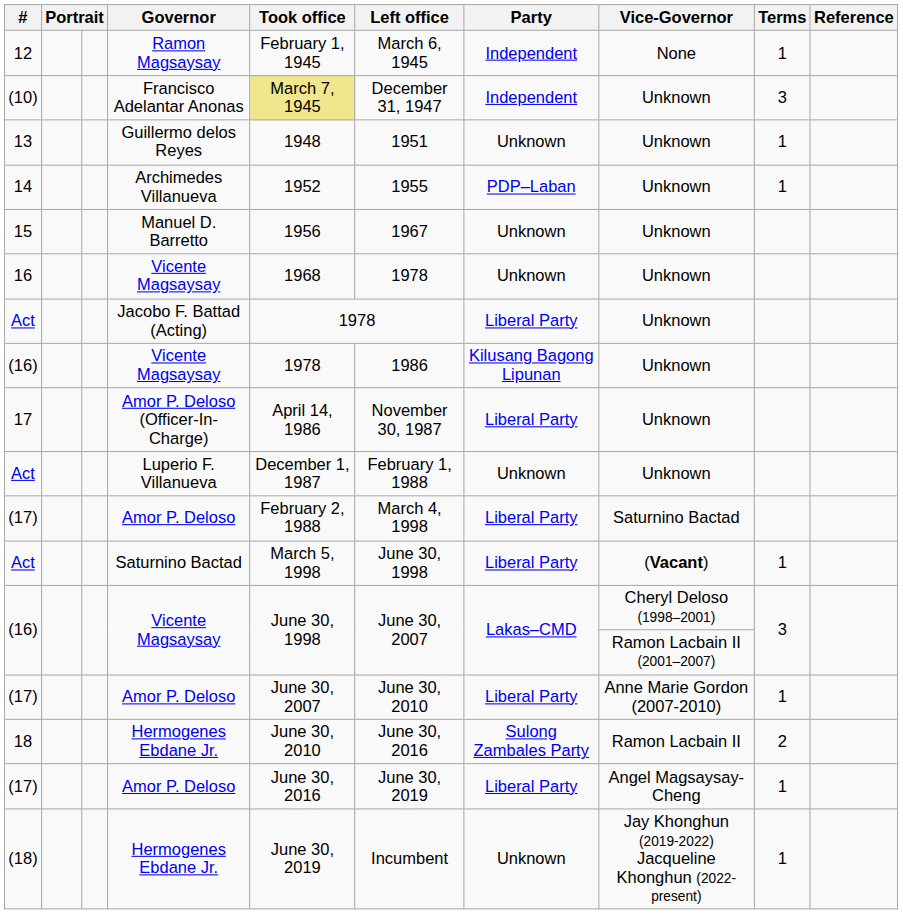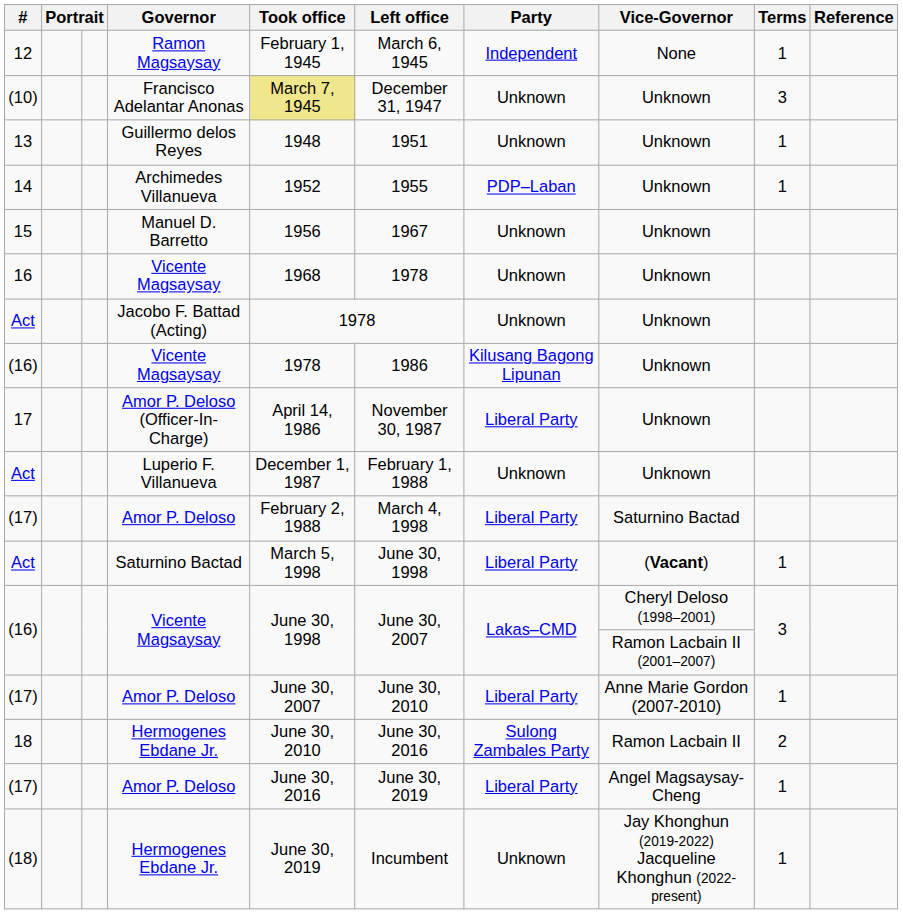 <table class="wikitable" style="text-align:center;">
 <tr>
 <th>#</th>
 <th colspan="2">Portrait</th>
 <th>Governor</th>
 <th>Took office</th>
 <th>Left office</th>
 <th>Party</th>
 <th>Vice-Governor</th>
 <th>Terms</th>
 <th>Reference</th>
 </tr>
 <tr>
 <td>12</td>
 <td style="background: "> </td>
 <td></td>
 <td><a href='#'>Ramon Magsaysay</a></td>
 <td>February 1, 1945</td>
 <td>March 6, 1945</td>
 <td><a href='#'>Independent</a></td>
 <td>None</td>
 <td>1</td>
 <td></td>
 </tr>
 <tr>
 <td>(10)</td>
 <td></td>
 <td></td>
 <td>Francisco Adelantar Anonas</td>
 <td style="background: khaki;">March 7, 1945</td>
 <td>December 31, 1947</td>
-<td><a href='#'>Independent</a></td>
+<td>Unknown</td>
 <td>Unknown</td>
 <td>3</td>
 <td></td>
 </tr>
 <tr>
 <td>13</td>
 <td></td>
 <td></td>
 <td>Guillermo delos Reyes</td>
 <td>1948</td>
 <td>1951</td>
 <td>Unknown</td>
 <td>Unknown</td>
 <td>1</td>
 <td></td>
 </tr>
 <tr>
 <td>14</td>
 <td></td>
 <td></td>
 <td>Archimedes Villanueva</td>
 <td>1952</td>
 <td>1955</td>
 <td><a href='#'>PDP–Laban</a></td>
 <td>Unknown</td>
 <td>1</td>
 <td></td>
 </tr>
 <tr>
 <td>15</td>
 <td></td>
 <td></td>
 <td>Manuel D. Barretto</td>
 <td>1956</td>
 <td>1967</td>
 <td>Unknown</td>
 <td>Unknown</td>
 <td></td>
 <td></td>
 </tr>
 <tr>
 <td>16</td>
 <td></td>
 <td></td>
 <td><a href='#'>Vicente Magsaysay</a></td>
 <td>1968</td>
 <td>1978</td>
 <td>Unknown</td>
 <td>Unknown</td>
 <td></td>
 <td></td>
 </tr>
 <tr>
 <td><a href='#'>Act</a></td>
 <td></td>
 <td></td>
 <td>Jacobo F. Battad<br>(Acting)</td>
 <td colspan="2">1978</td>
-<td><a href='#'>Liberal Party</a></td>
+<td>Unknown</td>
 <td>Unknown</td>
 <td></td>
 <td></td>
 </tr>
 <tr>
 <td>(16)</td>
 <td style="background: "> </td>
 <td></td>
 <td><a href='#'>Vicente Magsaysay</a></td>
 <td>1978</td>
 <td>1986</td>
 <td><a href='#'>Kilusang Bagong Lipunan</a></td>
 <td>Unknown</td>
 <td></td>
 <td></td>
 </tr>
 <tr>
 <td>17</td>
 <td style="background: "> </td>
 <td></td>
 <td><a href='#'>Amor P. Deloso</a><br>(Officer-In-Charge)</td>
 <td>April 14, 1986</td>
 <td>November 30, 1987</td>
 <td><a href='#'>Liberal Party</a></td>
 <td>Unknown</td>
 <td></td>
 <td></td>
 </tr>
 <tr>
 <td><a href='#'>Act</a></td>
 <td></td>
 <td></td>
 <td>Luperio F. Villanueva</td>
 <td>December 1, 1987</td>
 <td>February 1, 1988</td>
 <td>Unknown</td>
 <td>Unknown</td>
 <td></td>
 <td></td>
 </tr>
 <tr>
 <td>(17)</td>
 <td style="background: "> </td>
 <td></td>
 <td><a href='#'>Amor P. Deloso</a></td>
 <td>February 2, 1988</td>
 <td>March 4, 1998</td>
 <td><a href='#'>Liberal Party</a></td>
 <td>Saturnino Bactad</td>
 <td></td>
 <td></td>
 </tr>
 <tr>
 <td><a href='#'>Act</a></td>
 <td style="background: "> </td>
 <td></td>
 <td>Saturnino Bactad</td>
 <td>March 5, 1998</td>
 <td>June 30, 1998</td>
 <td><a href='#'>Liberal Party</a></td>
 <td>(<strong>Vacant</strong>)</td>
 <td>1</td>
 <td></td>
 </tr>
 <tr>
 <td rowspan="2">(16)</td>
 <td rowspan="2" style="background: "> </td>
 <td rowspan="2"></td>
 <td rowspan="2"><a href='#'>Vicente Magsaysay</a></td>
 <td rowspan="2">June 30, 1998</td>
 <td rowspan="2">June 30, 2007</td>
 <td rowspan="2"><a href='#'>Lakas–CMD</a></td>
 <td>Cheryl Deloso<br><small>(1998–2001)</small></td>
 <td rowspan="2">3</td>
 <td rowspan="2"></td>
 </tr>
 <tr>
 <td>Ramon Lacbain II<br><small>(2001–2007)</small></td>
 </tr>
 <tr>
 <td>(17)</td>
 <td style="background: "> </td>
 <td></td>
 <td><a href='#'>Amor P. Deloso</a></td>
 <td>June 30, 2007</td>
 <td>June 30, 2010</td>
 <td><a href='#'>Liberal Party</a></td>
 <td>Anne Marie Gordon (2007-2010)</td>
 <td>1</td>
 <td></td>
 </tr>
 <tr>
 <td>18</td>
 <td style="background: "> </td>
 <td></td>
 <td><a href='#'>Hermogenes Ebdane Jr.</a></td>
 <td>June 30, 2010</td>
 <td>June 30, 2016</td>
 <td><a href='#'>Sulong Zambales Party</a></td>
 <td>Ramon Lacbain II</td>
 <td>2</td>
 <td></td>
 </tr>
 <tr>
 <td>(17)</td>
 <td style="background: "> </td>
 <td></td>
 <td><a href='#'>Amor P. Deloso</a></td>
 <td>June 30, 2016</td>
 <td>June 30, 2019</td>
 <td><a href='#'>Liberal Party</a></td>
 <td>Angel Magsaysay-Cheng</td>
 <td>1</td>
 <td></td>
 </tr>
 <tr>
 <td>(18)</td>
 <td style="background: "> </td>
 <td></td>
 <td><a href='#'>Hermogenes Ebdane Jr.</a></td>
 <td>June 30, 2019</td>
 <td>Incumbent</td>
 <td>Unknown</td>
 <td>Jay Khonghun <small>(2019-2022)</small><br>Jacqueline Khonghun <small>(2022-present)</small></td>
 <td>1</td>
 <td></td>
 </tr>
 </table>
